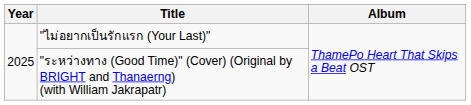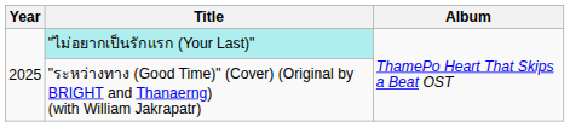 <table class="wikitable sortable">
 <tr>
 <th scope="col">Year</th>
 <th scope="col">Title</th>
 <th scope="col">Album</th>
 </tr>
 <tr>
 <td rowspan="2">2025</td>
-<td>"ไม่อยากเป็นรักแรก (Your Last)"</td>
+<td style="background: paleturquoise;">"ไม่อยากเป็นรักแรก (Your Last)"</td>
 <td rowspan="2"><em><a href='#'>ThamePo Heart That Skips a Beat</a> OST</em></td>
 </tr>
 <tr>
 <td>"ระหว่างทาง (Good Time)" (Cover) <span>(Original by <a href='#'>BRIGHT</a> and <a href='#'>Thanaerng</a>)</span><br><span>(with William Jakrapatr)</span></td>
 </tr>
 </table>
